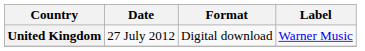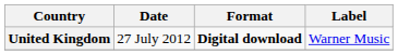 <table class="wikitable plainrowheaders">
 <tr>
 <th scope="col">Country</th>
 <th scope="col">Date</th>
 <th scope="col">Format</th>
 <th scope="col">Label</th>
 </tr>
 <tr>
 <th scope="row">United Kingdom</th>
 <td>27 July 2012</td>
-<td>Digital download</td>
+<td><strong>Digital download</strong></td>
 <td><a href='#'>Warner Music</a></td>
 </tr>
 <tr>
 </tr>
 </table>
